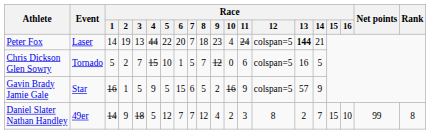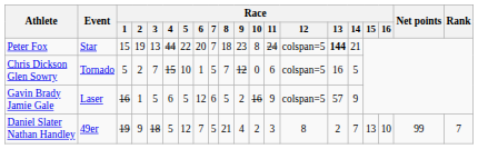 <table class=wikitable style=font-size:90%;text-align:center>
 <tr>
 <th rowspan=2>Athlete</th>
 <th rowspan=2>Event</th>
 <th colspan=16>Race</th>
 <th rowspan=2>Net points</th>
 <th rowspan=2>Rank</th>
 </tr>
 <tr style=font-size:95%>
 <th>1</th>
 <th>2</th>
 <th>3</th>
 <th>4</th>
 <th>5</th>
 <th>6</th>
 <th>7</th>
 <th>8</th>
 <th>9</th>
 <th>10</th>
 <th>11</th>
 <th>12</th>
 <th>13</th>
 <th>14</th>
 <th>15</th>
 <th>16</th>
 </tr>
 <tr>
 <td align=left><a href='#'>Peter Fox</a></td>
-<td align=left><a href='#'>Laser</a></td>
-<td>14</td>
+<td align=left><a href='#'>Star</a></td>
+<td>15</td>
 <td>19</td>
 <td>13</td>
 <td><s>44<br><small></small></s></td>
 <td>22</td>
 <td>20</td>
 <td>7</td>
 <td>18</td>
 <td>23</td>
-<td>4</td>
+<td>8</td>
 <td><s>24</s></td>
 <td>colspan=5 </td>
 <td><strong>144</strong></td>
 <td>21</td>
 </tr>
 <tr>
 <td align=left><a href='#'>Chris Dickson</a><br><a href='#'>Glen Sowry</a></td>
 <td align=left><a href='#'>Tornado</a></td>
 <td>5</td>
 <td>2</td>
 <td>7</td>
 <td><s>15</s></td>
 <td>10</td>
 <td>1</td>
 <td>5</td>
 <td>7</td>
 <td><s>12</s></td>
 <td>0</td>
 <td>6</td>
 <td>colspan=5 </td>
 <td>16</td>
 <td>5</td>
 </tr>
 <tr>
 <td align=left><a href='#'>Gavin Brady</a><br><a href='#'>Jamie Gale</a></td>
-<td align=left><a href='#'>Star</a></td>
+<td align=left><a href='#'>Laser</a></td>
 <td><s>16</s></td>
 <td>1</td>
 <td>5</td>
-<td>9</td>
+<td>6</td>
 <td>5</td>
-<td>15</td>
+<td>12</td>
 <td>6</td>
 <td>5</td>
 <td>2</td>
 <td><s>16</s></td>
 <td>9</td>
 <td>colspan=5 </td>
 <td>57</td>
 <td>9</td>
 </tr>
 <tr>
 <td align=left><a href='#'>Daniel Slater</a><br><a href='#'>Nathan Handley</a></td>
 <td align=left><a href='#'>49er</a></td>
-<td><s>14</s></td>
+<td><s>19</s></td>
 <td>9</td>
 <td><s>18<br><small></small></s></td>
 <td>5</td>
 <td>12</td>
 <td>7</td>
-<td>7</td>
-<td>12</td>
+<td>5</td>
+<td>21</td>
 <td>4</td>
 <td>2</td>
 <td>3</td>
 <td>8</td>
 <td>2</td>
 <td>7</td>
-<td>15</td>
+<td>13</td>
 <td>10</td>
 <td>99</td>
-<td>8</td>
+<td>7</td>
 </tr>
 </table>
